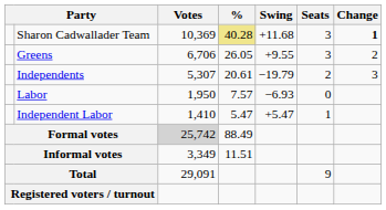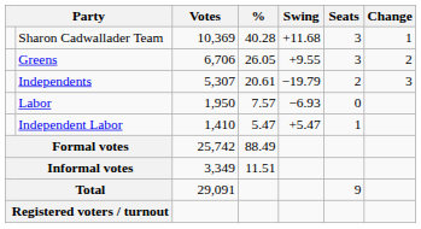 <table class="wikitable" style="text-align:right; margin-bottom:0">
 <tr>
 <th style="width:10px" colspan=3>Party</th>
 <th style="width:70px;">Votes</th>
 <th style="width:40px;">%</th>
 <th style="width:40px;">Swing</th>
 <th style="width:40px;">Seats</th>
 <th style="width:40px;">Change</th>
 </tr>
 <tr>
 <td> </td>
 <td style="text-align:left;" colspan="2">Sharon Cadwallader Team</td>
 <td>10,369</td>
-<td style="background: khaki;">40.28</td>
+<td>40.28</td>
 <td>+11.68</td>
 <td>3</td>
-<td><strong> 1</strong></td>
+<td> 1</td>
 </tr>
 <tr>
 <td> </td>
 <td style="text-align:left;" colspan="2"><a href='#'>Greens</a></td>
 <td>6,706</td>
 <td>26.05</td>
 <td>+9.55</td>
 <td>3</td>
 <td> 2</td>
 </tr>
 <tr>
 <td> </td>
 <td style="text-align:left;" colspan="2"><a href='#'>Independents</a></td>
 <td>5,307</td>
 <td>20.61</td>
 <td>−19.79</td>
 <td>2</td>
 <td> 3</td>
 </tr>
 <tr>
 <td> </td>
 <td style="text-align:left;" colspan="2"><a href='#'>Labor</a></td>
 <td>1,950</td>
 <td>7.57</td>
 <td>−6.93</td>
 <td>0</td>
 <td></td>
 </tr>
 <tr>
 <td> </td>
 <td style="text-align:left;" colspan="2"><a href='#'>Independent Labor</a></td>
 <td>1,410</td>
 <td>5.47</td>
 <td>+5.47</td>
 <td>1</td>
 <td></td>
 </tr>
 <tr>
 <th colspan="3" rowspan="1"> Formal votes</th>
-<td style="background: lightgrey;">25,742</td>
+<td>25,742</td>
 <td>88.49</td>
 <td></td>
 <td></td>
 <td></td>
 </tr>
 <tr>
 <th colspan="3" rowspan="1"> Informal votes</th>
 <td>3,349</td>
 <td>11.51</td>
 <td></td>
 <td></td>
 <td></td>
 </tr>
 <tr>
 <th colspan="3" rowspan="1"> <strong>Total </strong></th>
 <td>29,091</td>
 <td></td>
 <td></td>
 <td>9</td>
 <td></td>
 </tr>
 <tr>
 <th colspan="3" rowspan="1"> Registered voters / turnout</th>
 <td></td>
 <td></td>
 <td></td>
 <td></td>
 <td></td>
 </tr>
 </table>
